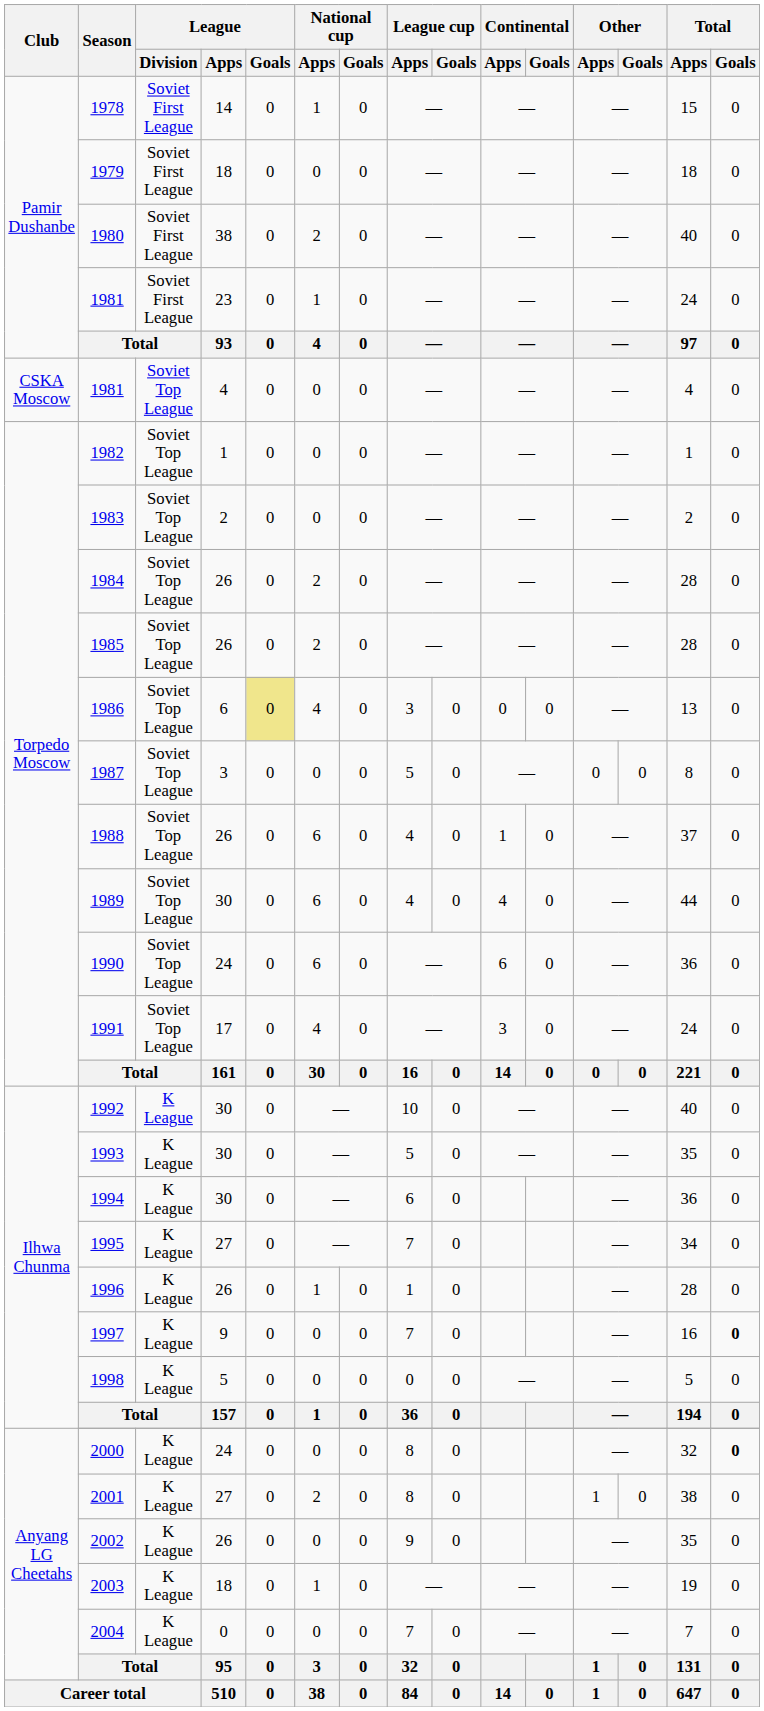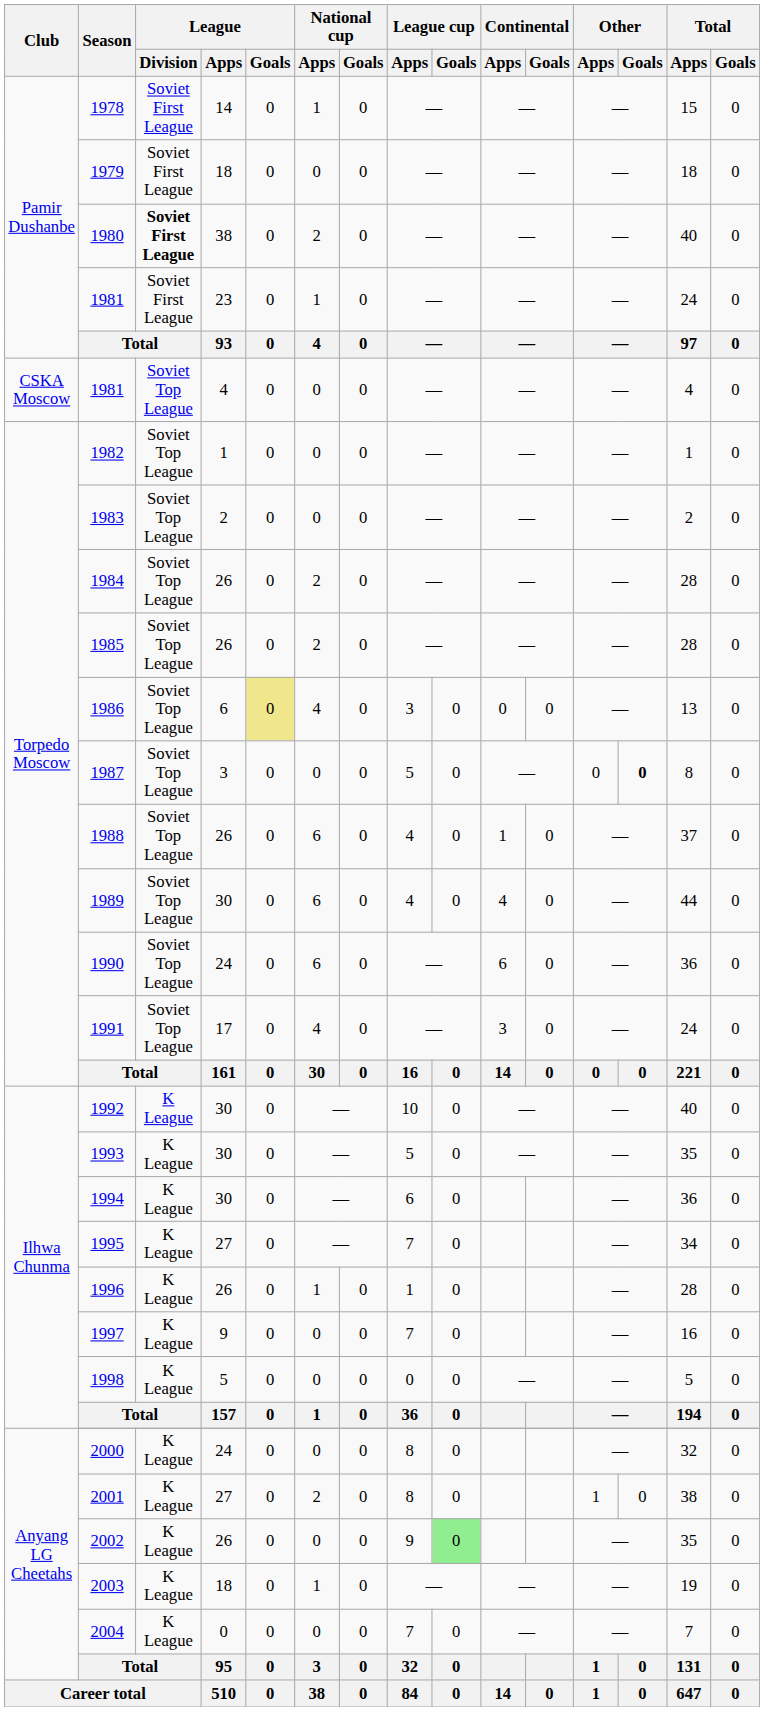 <table class="wikitable" style="text-align:center">
 <tr>
 <th rowspan="2">Club</th>
 <th rowspan="2">Season</th>
 <th colspan="3">League</th>
 <th colspan="2">National cup</th>
 <th colspan="2">League cup</th>
 <th colspan="2">Continental</th>
 <th colspan="2">Other</th>
 <th colspan="2">Total</th>
 </tr>
 <tr>
 <th>Division</th>
 <th>Apps</th>
 <th>Goals</th>
 <th>Apps</th>
 <th>Goals</th>
 <th>Apps</th>
 <th>Goals</th>
 <th>Apps</th>
 <th>Goals</th>
 <th>Apps</th>
 <th>Goals</th>
 <th>Apps</th>
 <th>Goals</th>
 </tr>
 <tr>
 <td rowspan=5><a href='#'>Pamir Dushanbe</a></td>
 <td><a href='#'>1978</a></td>
 <td><a href='#'>Soviet First League</a></td>
 <td>14</td>
 <td>0</td>
 <td>1</td>
 <td>0</td>
 <td colspan="2">—</td>
 <td colspan="2">—</td>
 <td colspan="2">—</td>
 <td>15</td>
 <td>0</td>
 </tr>
 <tr>
 <td><a href='#'>1979</a></td>
 <td>Soviet First League</td>
 <td>18</td>
 <td>0</td>
 <td>0</td>
 <td>0</td>
 <td colspan="2">—</td>
 <td colspan="2">—</td>
 <td colspan="2">—</td>
 <td>18</td>
 <td>0</td>
 </tr>
 <tr>
 <td><a href='#'>1980</a></td>
-<td>Soviet First League</td>
+<td><strong>Soviet First League</strong></td>
 <td>38</td>
 <td>0</td>
 <td>2</td>
 <td>0</td>
 <td colspan="2">—</td>
 <td colspan="2">—</td>
 <td colspan="2">—</td>
 <td>40</td>
 <td>0</td>
 </tr>
 <tr>
 <td><a href='#'>1981</a></td>
 <td>Soviet First League</td>
 <td>23</td>
 <td>0</td>
 <td>1</td>
 <td>0</td>
 <td colspan="2">—</td>
 <td colspan="2">—</td>
 <td colspan="2">—</td>
 <td>24</td>
 <td>0</td>
 </tr>
 <tr>
 <th colspan="2">Total</th>
 <th>93</th>
 <th>0</th>
 <th>4</th>
 <th>0</th>
 <th colspan="2">—</th>
 <th colspan="2">—</th>
 <th colspan="2">—</th>
 <th>97</th>
 <th>0</th>
 </tr>
 <tr>
 <td><a href='#'>CSKA Moscow</a></td>
 <td><a href='#'>1981</a></td>
 <td><a href='#'>Soviet Top League</a></td>
 <td>4</td>
 <td>0</td>
 <td>0</td>
 <td>0</td>
 <td colspan="2">—</td>
 <td colspan="2">—</td>
 <td colspan="2">—</td>
 <td>4</td>
 <td>0</td>
 </tr>
 <tr>
 <td rowspan=11><a href='#'>Torpedo Moscow</a></td>
 <td><a href='#'>1982</a></td>
 <td>Soviet Top League</td>
 <td>1</td>
 <td>0</td>
 <td>0</td>
 <td>0</td>
 <td colspan="2">—</td>
 <td colspan="2">—</td>
 <td colspan="2">—</td>
 <td>1</td>
 <td>0</td>
 </tr>
 <tr>
 <td><a href='#'>1983</a></td>
 <td>Soviet Top League</td>
 <td>2</td>
 <td>0</td>
 <td>0</td>
 <td>0</td>
 <td colspan="2">—</td>
 <td colspan="2">—</td>
 <td colspan="2">—</td>
 <td>2</td>
 <td>0</td>
 </tr>
 <tr>
 <td><a href='#'>1984</a></td>
 <td>Soviet Top League</td>
 <td>26</td>
 <td>0</td>
 <td>2</td>
 <td>0</td>
 <td colspan="2">—</td>
 <td colspan="2">—</td>
 <td colspan="2">—</td>
 <td>28</td>
 <td>0</td>
 </tr>
 <tr>
 <td><a href='#'>1985</a></td>
 <td>Soviet Top League</td>
 <td>26</td>
 <td>0</td>
 <td>2</td>
 <td>0</td>
 <td colspan="2">—</td>
 <td colspan="2">—</td>
 <td colspan="2">—</td>
 <td>28</td>
 <td>0</td>
 </tr>
 <tr>
 <td><a href='#'>1986</a></td>
 <td>Soviet Top League</td>
 <td>6</td>
 <td style="background: khaki;">0</td>
 <td>4</td>
 <td>0</td>
 <td>3</td>
 <td>0</td>
 <td>0</td>
 <td>0</td>
 <td colspan="2">—</td>
 <td>13</td>
 <td>0</td>
 </tr>
 <tr>
 <td><a href='#'>1987</a></td>
 <td>Soviet Top League</td>
 <td>3</td>
 <td>0</td>
 <td>0</td>
 <td>0</td>
 <td>5</td>
 <td>0</td>
 <td colspan="2">—</td>
 <td>0</td>
-<td>0</td>
+<td><strong>0</strong></td>
 <td>8</td>
 <td>0</td>
 </tr>
 <tr>
 <td><a href='#'>1988</a></td>
 <td>Soviet Top League</td>
 <td>26</td>
 <td>0</td>
 <td>6</td>
 <td>0</td>
 <td>4</td>
 <td>0</td>
 <td>1</td>
 <td>0</td>
 <td colspan="2">—</td>
 <td>37</td>
 <td>0</td>
 </tr>
 <tr>
 <td><a href='#'>1989</a></td>
 <td>Soviet Top League</td>
 <td>30</td>
 <td>0</td>
 <td>6</td>
 <td>0</td>
 <td>4</td>
 <td>0</td>
 <td>4</td>
 <td>0</td>
 <td colspan="2">—</td>
 <td>44</td>
 <td>0</td>
 </tr>
 <tr>
 <td><a href='#'>1990</a></td>
 <td>Soviet Top League</td>
 <td>24</td>
 <td>0</td>
 <td>6</td>
 <td>0</td>
 <td colspan="2">—</td>
 <td>6</td>
 <td>0</td>
 <td colspan="2">—</td>
 <td>36</td>
 <td>0</td>
 </tr>
 <tr>
 <td><a href='#'>1991</a></td>
 <td>Soviet Top League</td>
 <td>17</td>
 <td>0</td>
 <td>4</td>
 <td>0</td>
 <td colspan="2">—</td>
 <td>3</td>
 <td>0</td>
 <td colspan="2">—</td>
 <td>24</td>
 <td>0</td>
 </tr>
 <tr>
 <th colspan="2">Total</th>
 <th>161</th>
 <th>0</th>
 <th>30</th>
 <th>0</th>
 <th>16</th>
 <th>0</th>
 <th>14</th>
 <th>0</th>
 <th>0</th>
 <th>0</th>
 <th>221</th>
 <th>0</th>
 </tr>
 <tr align=center>
 <td rowspan="8"><a href='#'>Ilhwa Chunma</a></td>
 <td><a href='#'>1992</a></td>
 <td><a href='#'>K League</a></td>
 <td>30</td>
 <td>0</td>
 <td colspan="2">—</td>
 <td>10</td>
 <td>0</td>
 <td colspan="2">—</td>
 <td colspan="2">—</td>
 <td>40</td>
 <td>0</td>
 </tr>
 <tr align=center>
 <td><a href='#'>1993</a></td>
 <td>K League</td>
 <td>30</td>
 <td>0</td>
 <td colspan="2">—</td>
 <td>5</td>
 <td>0</td>
 <td colspan="2">—</td>
 <td colspan="2">—</td>
 <td>35</td>
 <td>0</td>
 </tr>
 <tr align=center>
 <td><a href='#'>1994</a></td>
 <td>K League</td>
 <td>30</td>
 <td>0</td>
 <td colspan="2">—</td>
 <td>6</td>
 <td>0</td>
 <td></td>
 <td></td>
 <td colspan="2">—</td>
 <td>36</td>
 <td>0</td>
 </tr>
 <tr align=center>
 <td><a href='#'>1995</a></td>
 <td>K League</td>
 <td>27</td>
 <td>0</td>
 <td colspan="2">—</td>
 <td>7</td>
 <td>0</td>
 <td></td>
 <td></td>
 <td colspan="2">—</td>
 <td>34</td>
 <td>0</td>
 </tr>
 <tr align=center>
 <td><a href='#'>1996</a></td>
 <td>K League</td>
 <td>26</td>
 <td>0</td>
 <td>1</td>
 <td>0</td>
 <td>1</td>
 <td>0</td>
 <td></td>
 <td></td>
 <td colspan="2">—</td>
 <td>28</td>
 <td>0</td>
 </tr>
 <tr align=center>
 <td><a href='#'>1997</a></td>
 <td>K League</td>
 <td>9</td>
 <td>0</td>
 <td>0</td>
 <td>0</td>
 <td>7</td>
 <td>0</td>
 <td></td>
 <td></td>
 <td colspan="2">—</td>
 <td>16</td>
-<td><strong>0</strong></td>
+<td>0</td>
 </tr>
 <tr align=center>
 <td><a href='#'>1998</a></td>
 <td>K League</td>
 <td>5</td>
 <td>0</td>
 <td>0</td>
 <td>0</td>
 <td>0</td>
 <td>0</td>
 <td colspan="2">—</td>
 <td colspan="2">—</td>
 <td>5</td>
 <td>0</td>
 </tr>
 <tr align=center>
 <th colspan="2">Total</th>
 <th>157</th>
 <th>0</th>
 <th>1</th>
 <th>0</th>
 <th>36</th>
 <th>0</th>
 <th></th>
 <th></th>
 <th colspan="2">—</th>
 <th>194</th>
 <th>0</th>
 </tr>
 <tr align=center>
 <td rowspan="7"><a href='#'>Anyang LG Cheetahs</a></td>
 </tr>
 <tr align=center>
 <td><a href='#'>2000</a></td>
 <td>K League</td>
 <td>24</td>
 <td>0</td>
 <td>0</td>
 <td>0</td>
 <td>8</td>
 <td>0</td>
 <td></td>
 <td></td>
 <td colspan="2">—</td>
 <td>32</td>
-<td><strong>0</strong></td>
+<td>0</td>
 </tr>
 <tr align=center>
 <td><a href='#'>2001</a></td>
 <td>K League</td>
 <td>27</td>
 <td>0</td>
 <td>2</td>
 <td>0</td>
 <td>8</td>
 <td>0</td>
 <td></td>
 <td></td>
 <td>1</td>
 <td>0</td>
 <td>38</td>
 <td>0</td>
 </tr>
 <tr align=center>
 <td><a href='#'>2002</a></td>
 <td>K League</td>
 <td>26</td>
 <td>0</td>
 <td>0</td>
 <td>0</td>
 <td>9</td>
-<td>0</td>
+<td style="background: lightgreen;">0</td>
 <td></td>
 <td></td>
 <td colspan="2">—</td>
 <td>35</td>
 <td>0</td>
 </tr>
 <tr align=center>
 <td><a href='#'>2003</a></td>
 <td>K League</td>
 <td>18</td>
 <td>0</td>
 <td>1</td>
 <td>0</td>
 <td colspan="2">—</td>
 <td colspan="2">—</td>
 <td colspan="2">—</td>
 <td>19</td>
 <td>0</td>
 </tr>
 <tr align=center>
 <td><a href='#'>2004</a></td>
 <td>K League</td>
 <td>0</td>
 <td>0</td>
 <td>0</td>
 <td>0</td>
 <td>7</td>
 <td>0</td>
 <td colspan="2">—</td>
 <td colspan="2">—</td>
 <td>7</td>
 <td>0</td>
 </tr>
 <tr align=center>
 <th colspan="2">Total</th>
 <th>95</th>
 <th>0</th>
 <th>3</th>
 <th>0</th>
 <th>32</th>
 <th>0</th>
 <th></th>
 <th></th>
 <th>1</th>
 <th>0</th>
 <th>131</th>
 <th>0</th>
 </tr>
 <tr>
 <th colspan="3">Career total</th>
 <th>510</th>
 <th>0</th>
 <th>38</th>
 <th>0</th>
 <th>84</th>
 <th>0</th>
 <th>14</th>
 <th>0</th>
 <th>1</th>
 <th>0</th>
 <th>647</th>
 <th>0</th>
 </tr>
 </table>
